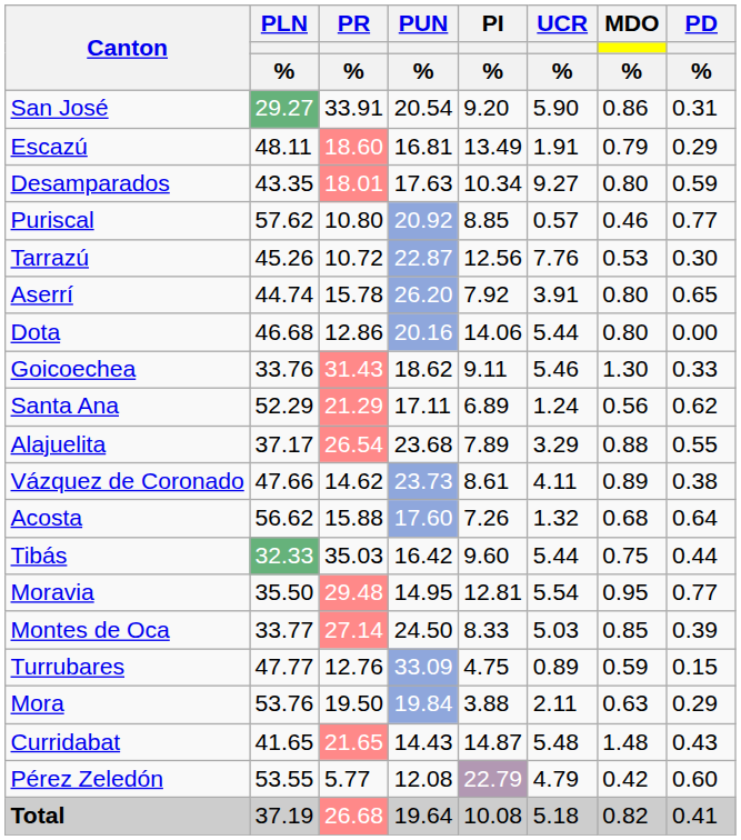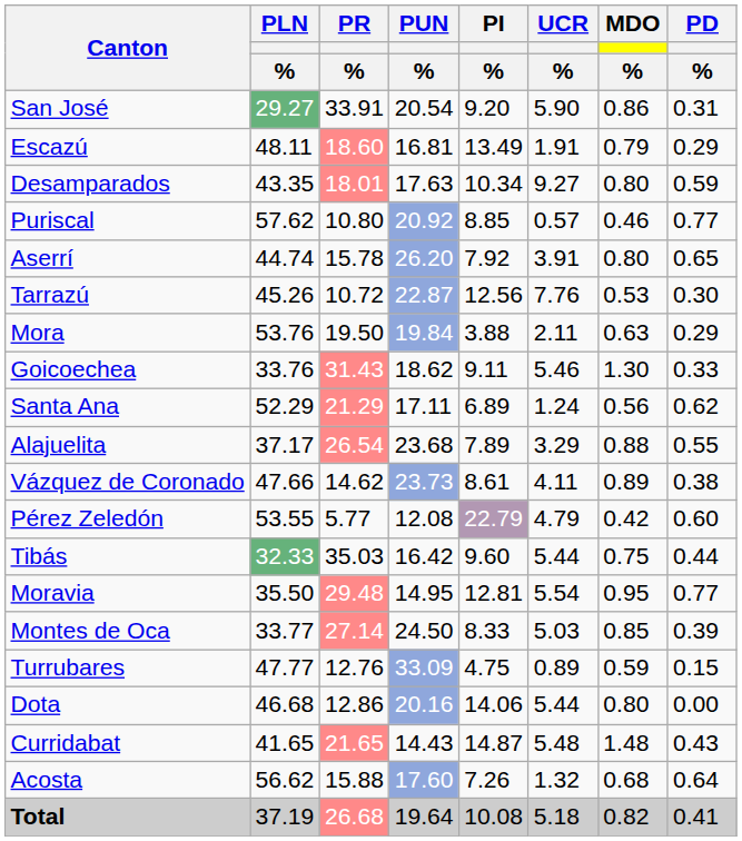 <table class="wikitable mw-collapsible mw-collapsed">
 <tr>
 <th rowspan="3"><a href='#'>Canton</a></th>
 <th colspan="1" width="40px"><a href='#'>PLN</a></th>
 <th colspan="1" width="40px"><a href='#'>PR</a></th>
 <th colspan="1" width="40px"><a href='#'>PUN</a></th>
 <th colspan="1" width="40px">PI</th>
 <th colspan="1" width="40px"><a href='#'>UCR</a></th>
 <th colspan="1" width="40px">MDO</th>
 <th colspan="1" width="40px"><a href='#'>PD</a></th>
 </tr>
 <tr>
 <th style="background:"></th>
 <th style="background:"></th>
 <th style="background:"></th>
 <th style="background:"></th>
 <th style="background:"></th>
 <th style="background:yellow"></th>
 <th style="background:"></th>
 </tr>
 <tr>
 <th data-sort-type="number">%</th>
 <th data-sort-type="number">%</th>
 <th data-sort-type="number">%</th>
 <th data-sort-type="number">%</th>
 <th data-sort-type="number">%</th>
 <th data-sort-type="number">%</th>
 <th data-sort-type="number">%</th>
 </tr>
 <tr>
 <td align="left"><a href='#'>San José</a></td>
 <td style="background:#66B27B; color:white;">29.27</td>
 <td style="background:">33.91</td>
 <td>20.54</td>
 <td>9.20</td>
 <td>5.90</td>
 <td>0.86</td>
 <td>0.31</td>
 </tr>
 <tr>
 <td align="left"><a href='#'>Escazú</a></td>
 <td style="background:">48.11</td>
 <td style="background:#ff8989; color:white;">18.60</td>
 <td>16.81</td>
 <td>13.49</td>
 <td>1.91</td>
 <td>0.79</td>
 <td>0.29</td>
 </tr>
 <tr>
 <td align="left"><a href='#'>Desamparados</a></td>
 <td style="background:">43.35</td>
 <td style="background:#ff8989; color:white;">18.01</td>
 <td>17.63</td>
 <td>10.34</td>
 <td>9.27</td>
 <td>0.80</td>
 <td>0.59</td>
 </tr>
 <tr>
 <td align="left"><a href='#'>Puriscal</a></td>
 <td style="background:">57.62</td>
 <td>10.80</td>
 <td style="background:#8fa7dc; color:white;">20.92</td>
 <td>8.85</td>
 <td>0.57</td>
 <td>0.46</td>
 <td>0.77</td>
 </tr>
 <tr>
+<td align="left"><a href='#'>Aserrí</a></td>
+<td style="background:">44.74</td>
+<td>15.78</td>
+<td style="background:#8fa7dc; color:white;">26.20</td>
+<td>7.92</td>
+<td>3.91</td>
+<td>0.80</td>
+<td>0.65</td>
+</tr>
+<tr>
 <td align="left"><a href='#'>Tarrazú</a></td>
 <td style="background:">45.26</td>
 <td>10.72</td>
 <td style="background:#8fa7dc; color:white;">22.87</td>
 <td>12.56</td>
 <td>7.76</td>
 <td>0.53</td>
 <td>0.30</td>
 </tr>
 <tr>
-<td align="left"><a href='#'>Aserrí</a></td>
-<td style="background:">44.74</td>
-<td>15.78</td>
-<td style="background:#8fa7dc; color:white;">26.20</td>
-<td>7.92</td>
-<td>3.91</td>
-<td>0.80</td>
-<td>0.65</td>
-</tr>
-<tr>
-<td align="left"><a href='#'>Dota</a></td>
-<td style="background:">46.68</td>
-<td>12.86</td>
-<td style="background:#8fa7dc; color:white;">20.16</td>
-<td>14.06</td>
-<td>5.44</td>
-<td>0.80</td>
-<td>0.00</td>
+<td align="left"><a href='#'>Mora</a></td>
+<td style="background:">53.76</td>
+<td>19.50</td>
+<td style="background:#8fa7dc; color:white;">19.84</td>
+<td>3.88</td>
+<td>2.11</td>
+<td>0.63</td>
+<td>0.29</td>
 </tr>
 <tr>
 <td align="left"><a href='#'>Goicoechea</a></td>
 <td style="background:">33.76</td>
 <td style="background:#ff8989; color:white;">31.43</td>
 <td>18.62</td>
 <td>9.11</td>
 <td>5.46</td>
 <td>1.30</td>
 <td>0.33</td>
 </tr>
 <tr>
 <td align="left"><a href='#'>Santa Ana</a></td>
 <td style="background:">52.29</td>
 <td style="background:#ff8989; color:white;">21.29</td>
 <td>17.11</td>
 <td>6.89</td>
 <td>1.24</td>
 <td>0.56</td>
 <td>0.62</td>
 </tr>
 <tr>
 <td align="left"><a href='#'>Alajuelita</a></td>
 <td style="background:">37.17</td>
 <td style="background:#ff8989; color:white;">26.54</td>
 <td>23.68</td>
 <td>7.89</td>
 <td>3.29</td>
 <td>0.88</td>
 <td>0.55</td>
 </tr>
 <tr>
 <td align="left"><a href='#'>Vázquez de Coronado</a></td>
 <td style="background:">47.66</td>
 <td>14.62</td>
 <td style="background:#8fa7dc; color:white;">23.73</td>
 <td>8.61</td>
 <td>4.11</td>
 <td>0.89</td>
 <td>0.38</td>
 </tr>
 <tr>
-<td align="left"><a href='#'>Acosta</a></td>
-<td style="background:">56.62</td>
-<td>15.88</td>
-<td style="background:#8fa7dc; color:white;">17.60</td>
-<td>7.26</td>
-<td>1.32</td>
-<td>0.68</td>
-<td>0.64</td>
+<td align="left"><a href='#'>Pérez Zeledón</a></td>
+<td style="background:">53.55</td>
+<td>5.77</td>
+<td>12.08</td>
+<td style="background:#b298b3; color:white;">22.79</td>
+<td>4.79</td>
+<td>0.42</td>
+<td>0.60</td>
 </tr>
 <tr>
 <td align="left"><a href='#'>Tibás</a></td>
 <td style="background:#66B27B; color:white;">32.33</td>
 <td style="background:">35.03</td>
 <td>16.42</td>
 <td>9.60</td>
 <td>5.44</td>
 <td>0.75</td>
 <td>0.44</td>
 </tr>
 <tr>
 <td align="left"><a href='#'>Moravia</a></td>
 <td style="background:">35.50</td>
 <td style="background:#ff8989; color:white;">29.48</td>
 <td>14.95</td>
 <td>12.81</td>
 <td>5.54</td>
 <td>0.95</td>
 <td>0.77</td>
 </tr>
 <tr>
 <td align="left"><a href='#'>Montes de Oca</a></td>
 <td style="background:">33.77</td>
 <td style="background:#ff8989; color:white;">27.14</td>
 <td>24.50</td>
 <td>8.33</td>
 <td>5.03</td>
 <td>0.85</td>
 <td>0.39</td>
 </tr>
 <tr>
 <td align="left"><a href='#'>Turrubares</a></td>
 <td style="background:">47.77</td>
 <td>12.76</td>
 <td style="background:#8fa7dc; color:white;">33.09</td>
 <td>4.75</td>
 <td>0.89</td>
 <td>0.59</td>
 <td>0.15</td>
 </tr>
 <tr>
-<td align="left"><a href='#'>Mora</a></td>
-<td style="background:">53.76</td>
-<td>19.50</td>
-<td style="background:#8fa7dc; color:white;">19.84</td>
-<td>3.88</td>
-<td>2.11</td>
-<td>0.63</td>
-<td>0.29</td>
+<td align="left"><a href='#'>Dota</a></td>
+<td style="background:">46.68</td>
+<td>12.86</td>
+<td style="background:#8fa7dc; color:white;">20.16</td>
+<td>14.06</td>
+<td>5.44</td>
+<td>0.80</td>
+<td>0.00</td>
 </tr>
 <tr>
 <td align="left"><a href='#'>Curridabat</a></td>
 <td style="background:">41.65</td>
 <td style="background:#ff8989; color:white;">21.65</td>
 <td>14.43</td>
 <td>14.87</td>
 <td>5.48</td>
 <td>1.48</td>
 <td>0.43</td>
 </tr>
 <tr>
-<td align="left"><a href='#'>Pérez Zeledón</a></td>
-<td style="background:">53.55</td>
-<td>5.77</td>
-<td>12.08</td>
-<td style="background:#b298b3; color:white;">22.79</td>
-<td>4.79</td>
-<td>0.42</td>
-<td>0.60</td>
+<td align="left"><a href='#'>Acosta</a></td>
+<td style="background:">56.62</td>
+<td>15.88</td>
+<td style="background:#8fa7dc; color:white;">17.60</td>
+<td>7.26</td>
+<td>1.32</td>
+<td>0.68</td>
+<td>0.64</td>
 </tr>
 <tr style="background:#CDCDCD;">
 <td align="left"><strong>Total</strong></td>
 <td style="background:">37.19</td>
 <td style="background:#ff8989; color:white;">26.68</td>
 <td>19.64</td>
 <td>10.08</td>
 <td>5.18</td>
 <td>0.82</td>
 <td>0.41</td>
 </tr>
 </table>
